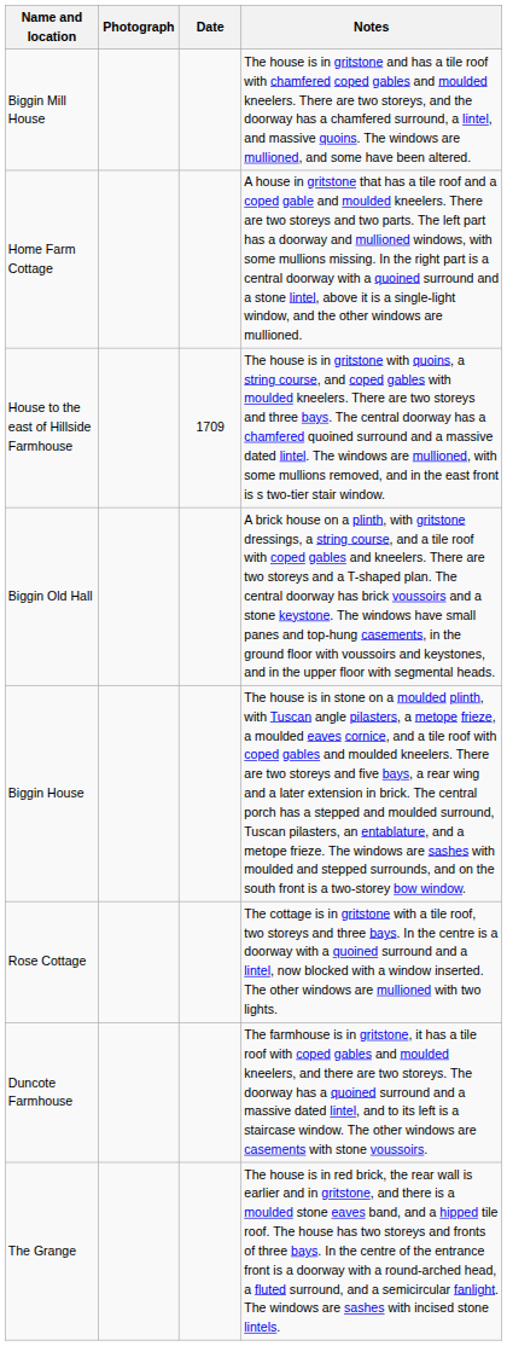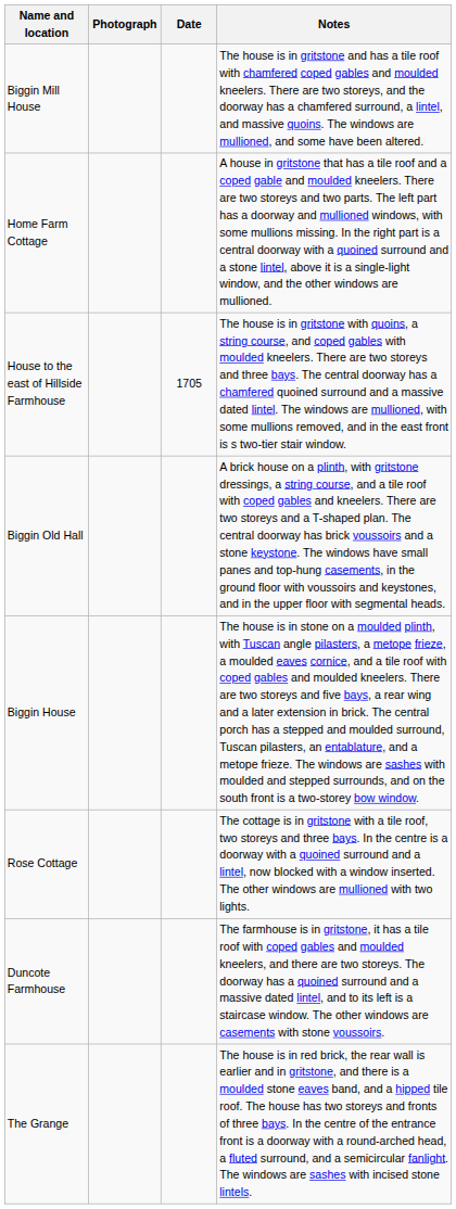 <table class="wikitable sortable plainrowheaders" style="width:100%;border:0px;text-align:left;line-height:150%;">
 <tr>
 <th scope="col"  style="width:150px">Name and location</th>
 <th scope="col"  style="width:100px" class="unsortable">Photograph</th>
 <th scope="col"  style="width:120px">Date</th>
 <th scope="col"  style="width:650px" class="unsortable">Notes</th>
 </tr>
 <tr>
 <td>Biggin Mill House<br><small></small></td>
 <td></td>
 <td align="center"></td>
 <td>The house is in <a href='#'>gritstone</a> and has a tile roof with <a href='#'>chamfered</a> <a href='#'>coped</a> <a href='#'>gables</a> and <a href='#'>moulded</a> kneelers.  There are two storeys, and the doorway has a chamfered surround, a <a href='#'>lintel</a>, and massive <a href='#'>quoins</a>.  The windows are <a href='#'>mullioned</a>, and some have been altered.</td>
 </tr>
 <tr>
 <td>Home Farm Cottage<br><small></small></td>
 <td></td>
 <td align="center"></td>
 <td>A house in <a href='#'>gritstone</a> that has a tile roof and a <a href='#'>coped</a> <a href='#'>gable</a> and <a href='#'>moulded</a> kneelers.  There are two storeys and two parts.  The left part has a doorway and <a href='#'>mullioned</a> windows, with some mullions missing.  In the right part is a central doorway with a <a href='#'>quoined</a> surround and a stone <a href='#'>lintel</a>, above it is a single-light window, and the other windows are mullioned.</td>
 </tr>
 <tr>
 <td>House to the east of Hillside Farmhouse<br><small></small></td>
 <td></td>
-<td align="center">1709</td>
+<td align="center">1705</td>
 <td>The house is in <a href='#'>gritstone</a> with <a href='#'>quoins</a>, a <a href='#'>string course</a>, and <a href='#'>coped</a> <a href='#'>gables</a> with <a href='#'>moulded</a> kneelers.  There are two storeys and three <a href='#'>bays</a>.  The central doorway has a <a href='#'>chamfered</a> quoined surround and a massive dated <a href='#'>lintel</a>.  The windows are <a href='#'>mullioned</a>, with some mullions removed, and in the east front is s two-tier stair window.</td>
 </tr>
 <tr>
 <td>Biggin Old Hall<br><small></small></td>
 <td></td>
 <td align="center"></td>
 <td>A brick house on a <a href='#'>plinth</a>, with <a href='#'>gritstone</a> dressings, a <a href='#'>string course</a>, and a tile roof with <a href='#'>coped</a> <a href='#'>gables</a> and kneelers.  There are two storeys and a T-shaped plan.  The central doorway has brick <a href='#'>voussoirs</a> and a stone <a href='#'>keystone</a>.  The windows have small panes and top-hung <a href='#'>casements</a>, in the ground floor with voussoirs and keystones, and in the upper floor with segmental heads.</td>
 </tr>
 <tr>
 <td>Biggin House<br><small></small></td>
 <td></td>
 <td align="center"></td>
 <td>The house is in stone on a <a href='#'>moulded</a> <a href='#'>plinth</a>, with <a href='#'>Tuscan</a> angle <a href='#'>pilasters</a>, a <a href='#'>metope</a> <a href='#'>frieze</a>, a moulded <a href='#'>eaves</a> <a href='#'>cornice</a>, and a tile roof with <a href='#'>coped</a> <a href='#'>gables</a> and moulded kneelers.  There are two storeys and five <a href='#'>bays</a>, a rear wing and a later extension in brick.  The central porch has a stepped and moulded surround, Tuscan pilasters, an <a href='#'>entablature</a>, and a metope frieze.  The windows are <a href='#'>sashes</a> with moulded and stepped surrounds, and on the south front is a two-storey <a href='#'>bow window</a>.</td>
 </tr>
 <tr>
 <td>Rose Cottage<br><small></small></td>
 <td></td>
 <td align="center"></td>
 <td>The cottage is in <a href='#'>gritstone</a> with a tile roof, two storeys and three <a href='#'>bays</a>.  In the centre is a doorway with a <a href='#'>quoined</a> surround and a <a href='#'>lintel</a>, now blocked with a window inserted.  The other windows are <a href='#'>mullioned</a> with two lights.</td>
 </tr>
 <tr>
 <td>Duncote Farmhouse<br><small></small></td>
 <td></td>
 <td align="center"></td>
 <td>The farmhouse is in <a href='#'>gritstone</a>, it has a tile roof with <a href='#'>coped</a> <a href='#'>gables</a> and <a href='#'>moulded</a> kneelers, and there are two storeys.  The doorway has a <a href='#'>quoined</a> surround and a massive dated <a href='#'>lintel</a>, and to its left is a staircase window.  The other windows are <a href='#'>casements</a> with stone <a href='#'>voussoirs</a>.</td>
 </tr>
 <tr>
 <td>The Grange<br><small></small></td>
 <td></td>
 <td align="center"></td>
 <td>The house is in red brick, the rear wall is earlier and in <a href='#'>gritstone</a>, and there is a <a href='#'>moulded</a> stone <a href='#'>eaves</a> band, and a <a href='#'>hipped</a> tile roof.  The house has two storeys and fronts of three <a href='#'>bays</a>.  In the centre of the entrance front is a doorway with a round-arched head, a <a href='#'>fluted</a> surround, and a semicircular <a href='#'>fanlight</a>.  The windows are <a href='#'>sashes</a> with incised stone <a href='#'>lintels</a>.</td>
 </tr>
 <tr>
 </tr>
 </table>
